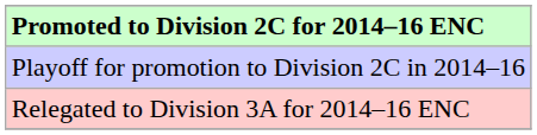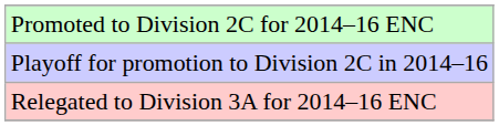 <table class="wikitable">
 <tr>
 </tr>
 <tr width=10px bgcolor="#ccffcc">
-<td><strong>Promoted to Division 2C for 2014–16 ENC</strong></td>
+<td>Promoted to Division 2C for 2014–16 ENC</td>
 </tr>
 <tr width=10px bgcolor="#ccccff">
 <td>Playoff for promotion to Division 2C in 2014–16</td>
 </tr>
 <tr width=10px bgcolor="#ffcccc">
 <td>Relegated to Division 3A for 2014–16 ENC</td>
 </tr>
 <tr>
 </tr>
 </table>
